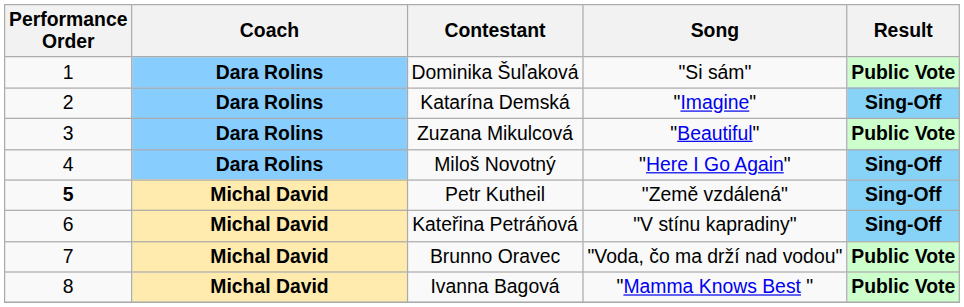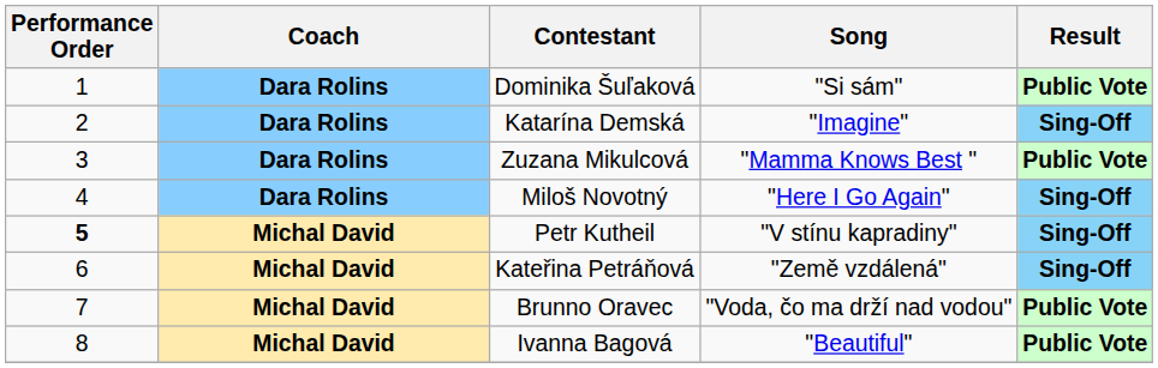 <table class="wikitable sortable" style="text-align: center; width: auto;">
 <tr>
 <th>Performance <br>Order</th>
 <th>Coach</th>
 <th>Contestant</th>
 <th>Song</th>
 <th>Result</th>
 </tr>
 <tr>
 <td>1</td>
 <th style="background-color:#87CEFF" width="220px">Dara Rolins</th>
 <td>Dominika Šuľaková</td>
 <td>"Si sám"</td>
 <td style="background:#cfc"><strong>Public Vote</strong></td>
 </tr>
 <tr>
 <td>2</td>
 <th style="background-color:#87CEFF" width="220px">Dara Rolins</th>
 <td>Katarína Demská</td>
 <td>"<a href='#'>Imagine</a>"</td>
 <td style="background:#87D3F8;"><strong>Sing-Off</strong></td>
 </tr>
 <tr>
 <td>3</td>
 <th style="background-color:#87CEFF" width="220px">Dara Rolins</th>
 <td>Zuzana Mikulcová</td>
-<td>"<a href='#'>Beautiful</a>"</td>
+<td>"<a href='#'>Mamma Knows Best</a> "</td>
 <td style="background:#cfc"><strong>Public Vote</strong></td>
 </tr>
 <tr>
 <td>4</td>
 <th style="background-color:#87CEFF" width="220px">Dara Rolins</th>
 <td>Miloš Novotný</td>
 <td>"<a href='#'>Here I Go Again</a>"</td>
 <th style="background:#87D3F8;">Sing-Off</th>
 </tr>
 <tr>
 <td><strong>5</strong></td>
 <th style="background-color:#FFEBAD" width="220px">Michal David</th>
 <td>Petr Kutheil</td>
-<td>"Země vzdálená"</td>
+<td>"V stínu kapradiny"</td>
 <th style="background:#87D3F8;">Sing-Off</th>
 </tr>
 <tr>
 <td>6</td>
 <th style="background-color:#FFEBAD" width="220px">Michal David</th>
 <td>Kateřina Petráňová</td>
-<td>"V stínu kapradiny"</td>
+<td>"Země vzdálená"</td>
 <th style="background:#87D3F8;">Sing-Off</th>
 </tr>
 <tr>
 <td>7</td>
 <th style="background-color:#FFEBAD" width="220px">Michal David</th>
 <td>Brunno Oravec</td>
 <td>"Voda, čo ma drží nad vodou"</td>
 <td style="background:#cfc"><strong>Public Vote</strong></td>
 </tr>
 <tr>
 <td>8</td>
 <th style="background-color:#FFEBAD" width="220px">Michal David</th>
 <td>Ivanna Bagová</td>
-<td>"<a href='#'>Mamma Knows Best</a> "</td>
+<td>"<a href='#'>Beautiful</a>"</td>
 <th style="background:#cfc">Public Vote</th>
 </tr>
 <tr>
 </tr>
 </table>
